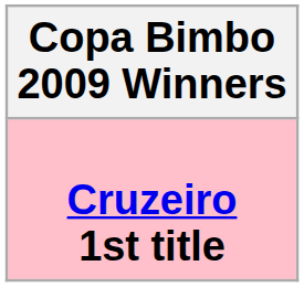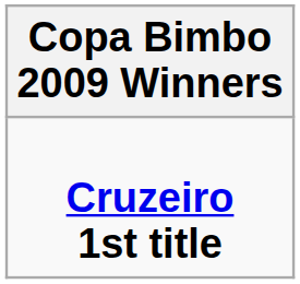 <table class="wikitable" style="text-align: center; margin: 0 auto;">
 <tr>
 <th>Copa Bimbo<br>2009 Winners</th>
 </tr>
 <tr>
-<td style="background: pink;"><br><strong><a href='#'>Cruzeiro</a></strong><br><strong>1st title</strong></td>
+<td><br><strong><a href='#'>Cruzeiro</a></strong><br><strong>1st title</strong></td>
 </tr>
 </table>
